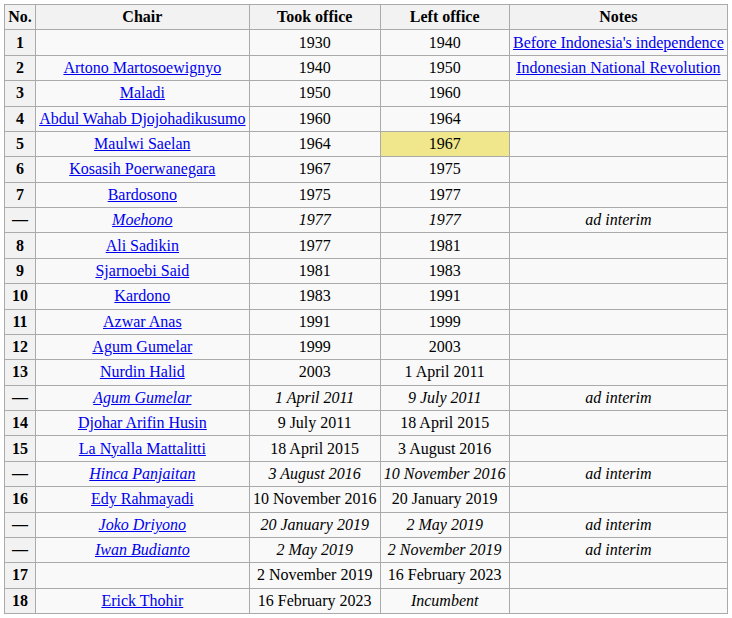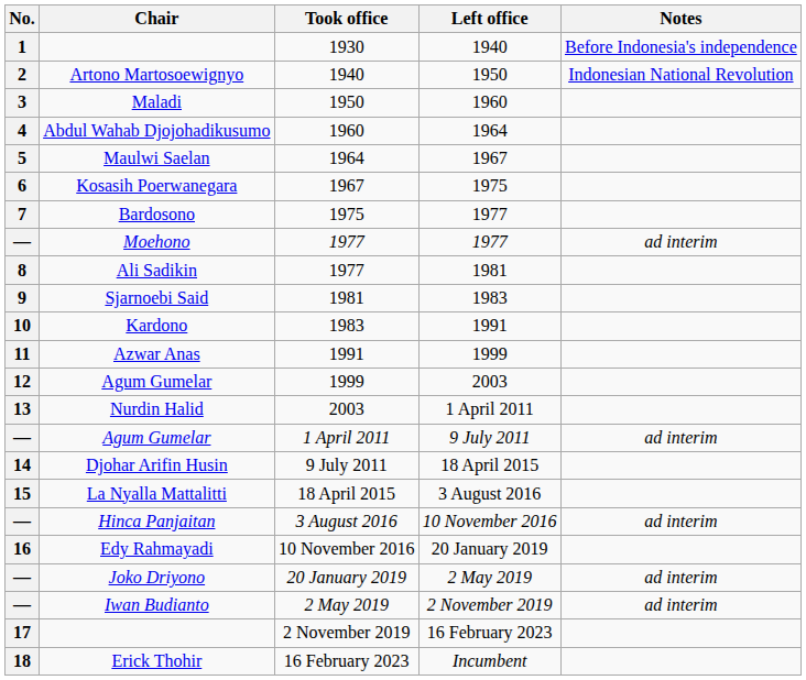 <table class="wikitable" style="text-align:center">
 <tr>
 <th>No.</th>
 <th>Chair</th>
 <th>Took office</th>
 <th>Left office</th>
 <th>Notes</th>
 </tr>
 <tr>
 <th>1</th>
 <td></td>
 <td>1930</td>
 <td>1940</td>
 <td><a href='#'>Before Indonesia's independence</a></td>
 </tr>
 <tr>
 <th>2</th>
 <td><a href='#'>Artono Martosoewignyo</a></td>
 <td>1940</td>
 <td>1950</td>
 <td><a href='#'>Indonesian National Revolution</a></td>
 </tr>
 <tr>
 <th>3</th>
 <td><a href='#'>Maladi</a></td>
 <td>1950</td>
 <td>1960</td>
 <td></td>
 </tr>
 <tr>
 <th>4</th>
 <td><a href='#'>Abdul Wahab Djojohadikusumo</a></td>
 <td>1960</td>
 <td>1964</td>
 <td></td>
 </tr>
 <tr>
 <th>5</th>
 <td><a href='#'>Maulwi Saelan</a></td>
 <td>1964</td>
-<td style="background: khaki;">1967</td>
+<td>1967</td>
 <td></td>
 </tr>
 <tr>
 <th>6</th>
 <td><a href='#'>Kosasih Poerwanegara</a></td>
 <td>1967</td>
 <td>1975</td>
 <td></td>
 </tr>
 <tr>
 <th>7</th>
 <td><a href='#'>Bardosono</a></td>
 <td>1975</td>
 <td>1977</td>
 <td></td>
 </tr>
 <tr>
 <th>—</th>
 <td><em><a href='#'>Moehono</a></em></td>
 <td><em>1977</em></td>
 <td><em>1977</em></td>
 <td><em>ad interim</em></td>
 </tr>
 <tr>
 <th>8</th>
 <td><a href='#'>Ali Sadikin</a></td>
 <td>1977</td>
 <td>1981</td>
 <td></td>
 </tr>
 <tr>
 <th>9</th>
 <td><a href='#'>Sjarnoebi Said</a></td>
 <td>1981</td>
 <td>1983</td>
 <td></td>
 </tr>
 <tr>
 <th>10</th>
 <td><a href='#'>Kardono</a></td>
 <td>1983</td>
 <td>1991</td>
 <td></td>
 </tr>
 <tr>
 <th>11</th>
 <td><a href='#'>Azwar Anas</a></td>
 <td>1991</td>
 <td>1999</td>
 <td></td>
 </tr>
 <tr>
 <th>12</th>
 <td><a href='#'>Agum Gumelar</a></td>
 <td>1999</td>
 <td>2003</td>
 <td></td>
 </tr>
 <tr>
 <th>13</th>
 <td><a href='#'>Nurdin Halid</a></td>
 <td>2003</td>
 <td>1 April 2011</td>
 <td></td>
 </tr>
 <tr>
 <th>—</th>
 <td><em><a href='#'>Agum Gumelar</a></em></td>
 <td><em>1 April 2011</em></td>
 <td><em>9 July 2011</em></td>
 <td><em>ad interim</em></td>
 </tr>
 <tr>
 <th>14</th>
 <td><a href='#'>Djohar Arifin Husin</a></td>
 <td>9 July 2011</td>
 <td>18 April 2015</td>
 <td></td>
 </tr>
 <tr>
 <th>15</th>
 <td><a href='#'>La Nyalla Mattalitti</a></td>
 <td>18 April 2015</td>
 <td>3 August 2016</td>
 <td></td>
 </tr>
 <tr>
 <th>—</th>
 <td><em><a href='#'>Hinca Panjaitan</a></em></td>
 <td><em>3 August 2016</em></td>
 <td><em>10 November 2016</em></td>
 <td><em>ad interim</em></td>
 </tr>
 <tr>
 <th>16</th>
 <td><a href='#'>Edy Rahmayadi</a></td>
 <td>10 November 2016</td>
 <td>20 January 2019</td>
 <td></td>
 </tr>
 <tr>
 <th>—</th>
 <td><em><a href='#'>Joko Driyono</a></em></td>
 <td><em>20 January 2019</em></td>
 <td><em>2 May 2019</em></td>
 <td><em>ad interim</em></td>
 </tr>
 <tr>
 <th>—</th>
 <td><em><a href='#'>Iwan Budianto</a></em></td>
 <td><em>2 May 2019</em></td>
 <td><em>2 November 2019</em></td>
 <td><em>ad interim</em></td>
 </tr>
 <tr>
 <th>17</th>
 <td></td>
 <td>2 November 2019</td>
 <td>16 February 2023</td>
 <td></td>
 </tr>
 <tr>
 <th>18</th>
 <td><a href='#'>Erick Thohir</a></td>
 <td>16 February 2023</td>
 <td><em>Incumbent</em></td>
 </tr>
 </table>
